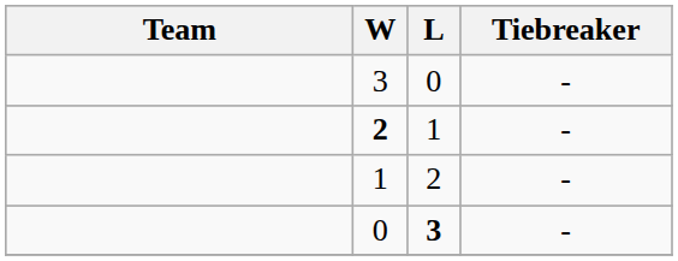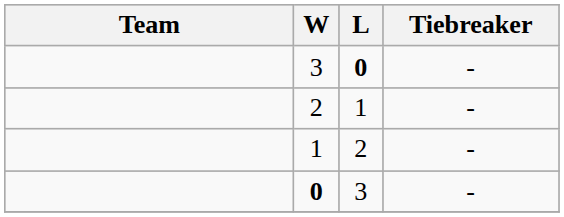 <table class=wikitable style=text-align:center>
 <tr>
 <th width=170>Team</th>
 <th width=20>W</th>
 <th width=20>L</th>
 <th width=100>Tiebreaker</th>
 </tr>
 <tr>
 <td align=left></td>
 <td>3</td>
-<td>0</td>
+<td><strong>0</strong></td>
 <td>-</td>
 </tr>
 <tr>
 <td align=left></td>
-<td><strong>2</strong></td>
+<td>2</td>
 <td>1</td>
 <td>-</td>
 </tr>
 <tr>
 <td align=left></td>
 <td>1</td>
 <td>2</td>
 <td>-</td>
 </tr>
 <tr>
 <td align=left></td>
-<td>0</td>
-<td><strong>3</strong></td>
+<td><strong>0</strong></td>
+<td>3</td>
 <td>-</td>
 </tr>
 <tr>
 </tr>
 </table>
